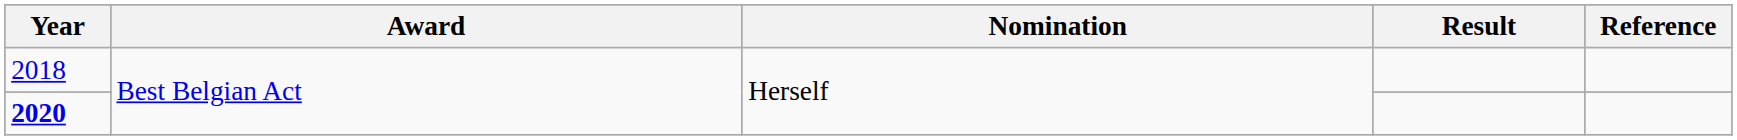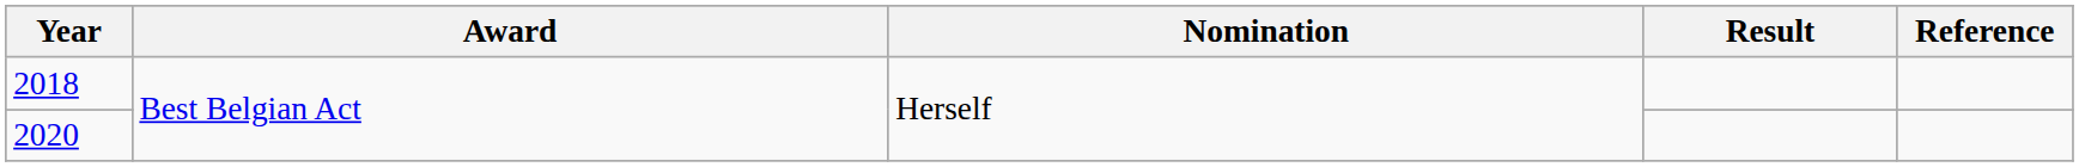 <table class="wikitable" style="width:80%;">
 <tr>
 <th width=5%>Year</th>
 <th style="width:30%;">Award</th>
 <th style="width:30%;">Nomination</th>
 <th style="width:10%;">Result</th>
 <th style="width:5%;">Reference</th>
 </tr>
 <tr>
 <td rowspan="1"><a href='#'>2018</a></td>
 <td rowspan="2"><a href='#'>Best Belgian Act</a></td>
 <td rowspan="2">Herself</td>
 <td></td>
 <td></td>
 </tr>
 <tr>
-<td rowspan="1"><strong><a href='#'>2020</a></strong></td>
+<td rowspan="1"><a href='#'>2020</a></td>
 <td></td>
 <td></td>
 </tr>
 </table>
